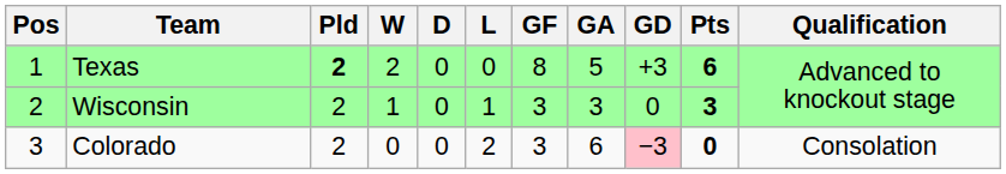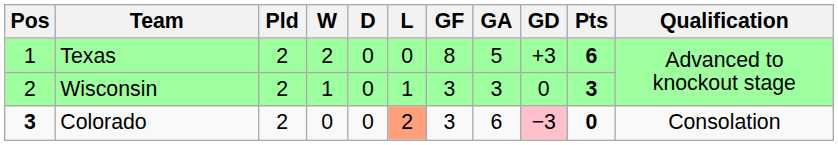 <table class="wikitable" style="text-align:center; margin: 1em auto">
 <tr>
 <th style=width:2em>Pos</th>
 <th style=width:13em>Team</th>
 <th style=width:2em>Pld</th>
 <th style=width:2em>W</th>
 <th style=width:2em>D</th>
 <th style=width:2em>L</th>
 <th style=width:2em>GF</th>
 <th style=width:2em>GA</th>
 <th style=width:2em>GD</th>
 <th style=width:2em>Pts</th>
 <th style=width:13em>Qualification</th>
 </tr>
 <tr bgcolor="#9eff9e">
 <td>1</td>
 <td style="text-align:left">Texas</td>
-<td><strong>2</strong></td>
+<td>2</td>
 <td>2</td>
 <td>0</td>
 <td>0</td>
 <td>8</td>
 <td>5</td>
 <td>+3</td>
 <td><strong>6</strong></td>
 <td rowspan="2">Advanced to knockout stage</td>
 </tr>
 <tr bgcolor="#9eff9e">
 <td>2</td>
 <td style="text-align:left">Wisconsin</td>
 <td>2</td>
 <td>1</td>
 <td>0</td>
 <td>1</td>
 <td>3</td>
 <td>3</td>
 <td>0</td>
 <td><strong>3</strong></td>
 </tr>
 <tr>
-<td>3</td>
+<td><strong>3</strong></td>
 <td style="text-align:left">Colorado</td>
 <td>2</td>
 <td>0</td>
 <td>0</td>
-<td>2</td>
+<td style="background: lightsalmon;">2</td>
 <td>3</td>
 <td>6</td>
 <td style="background: pink;">−3</td>
 <td><strong>0</strong></td>
 <td>Consolation</td>
 </tr>
 </table>
